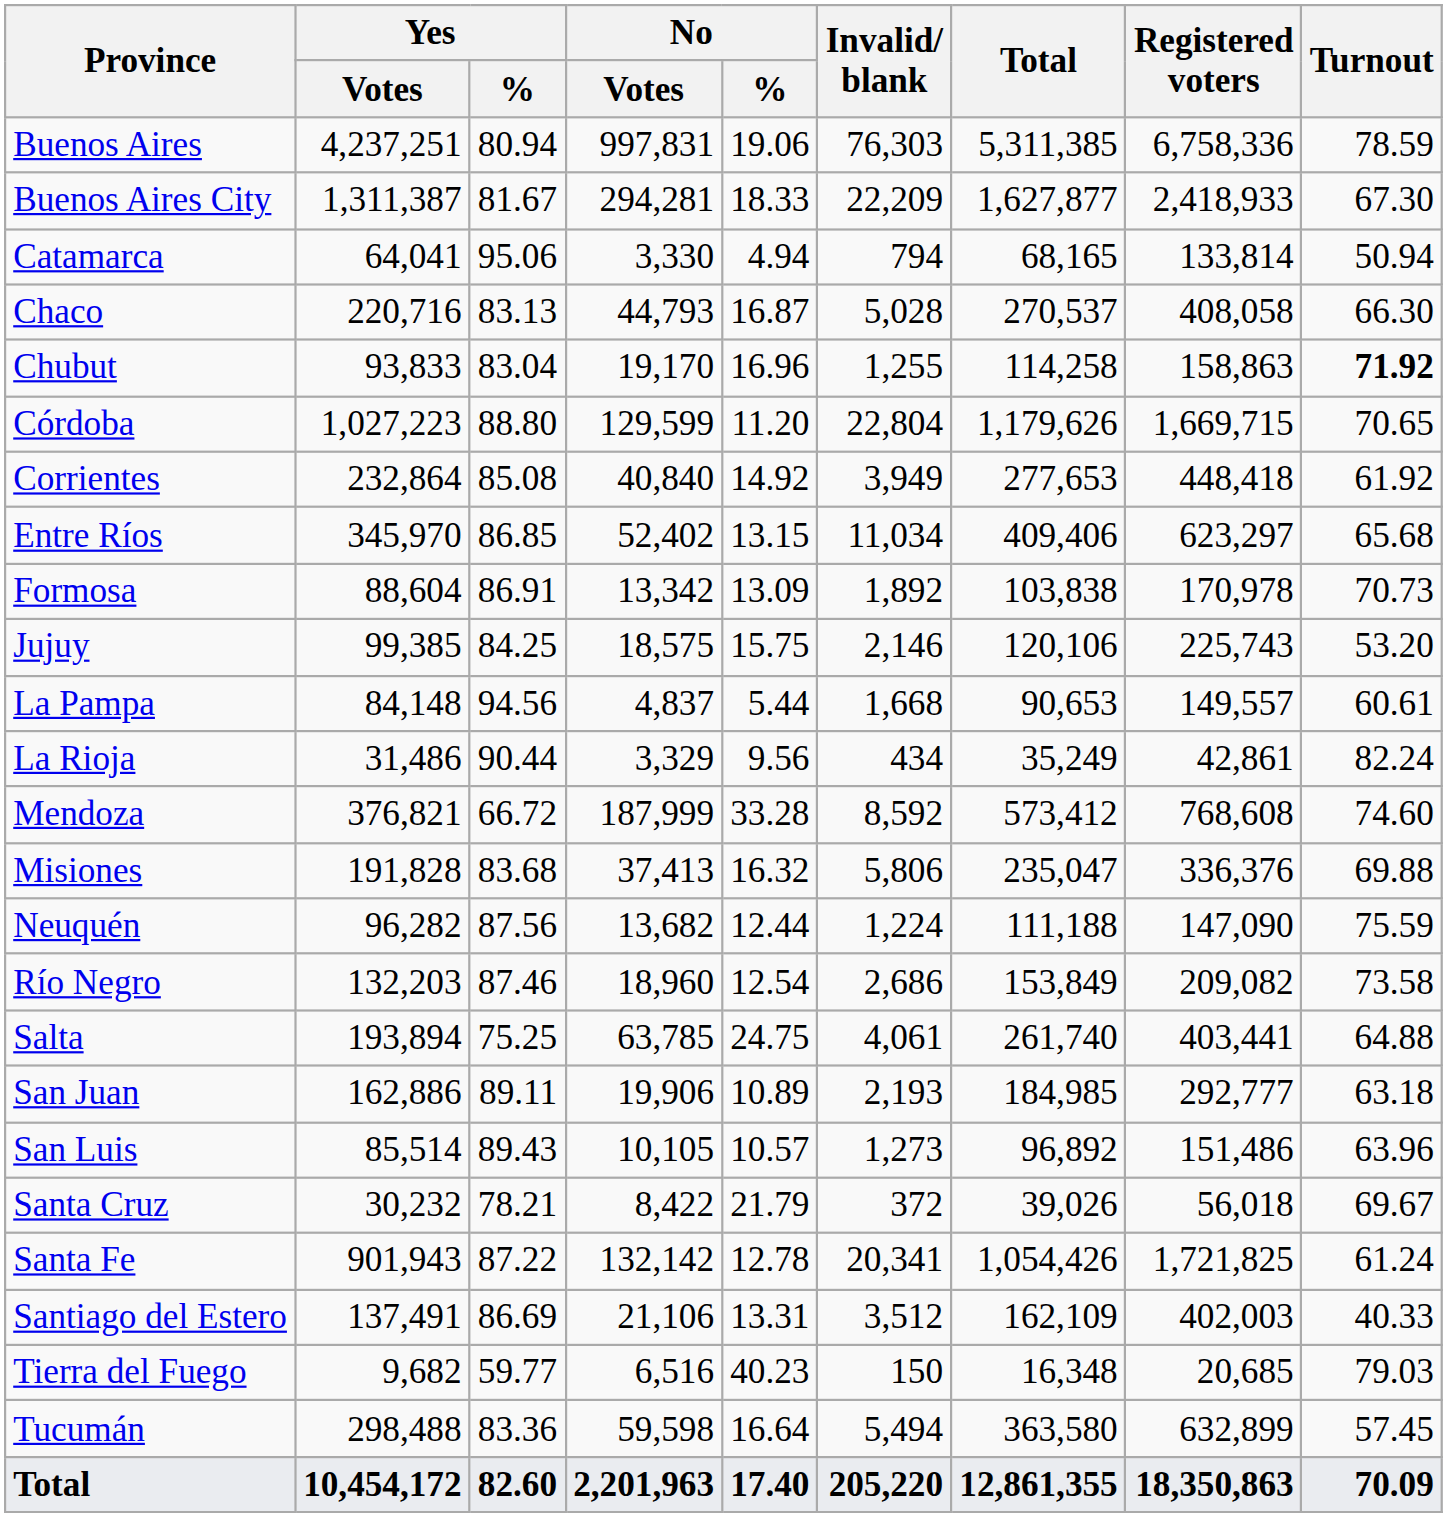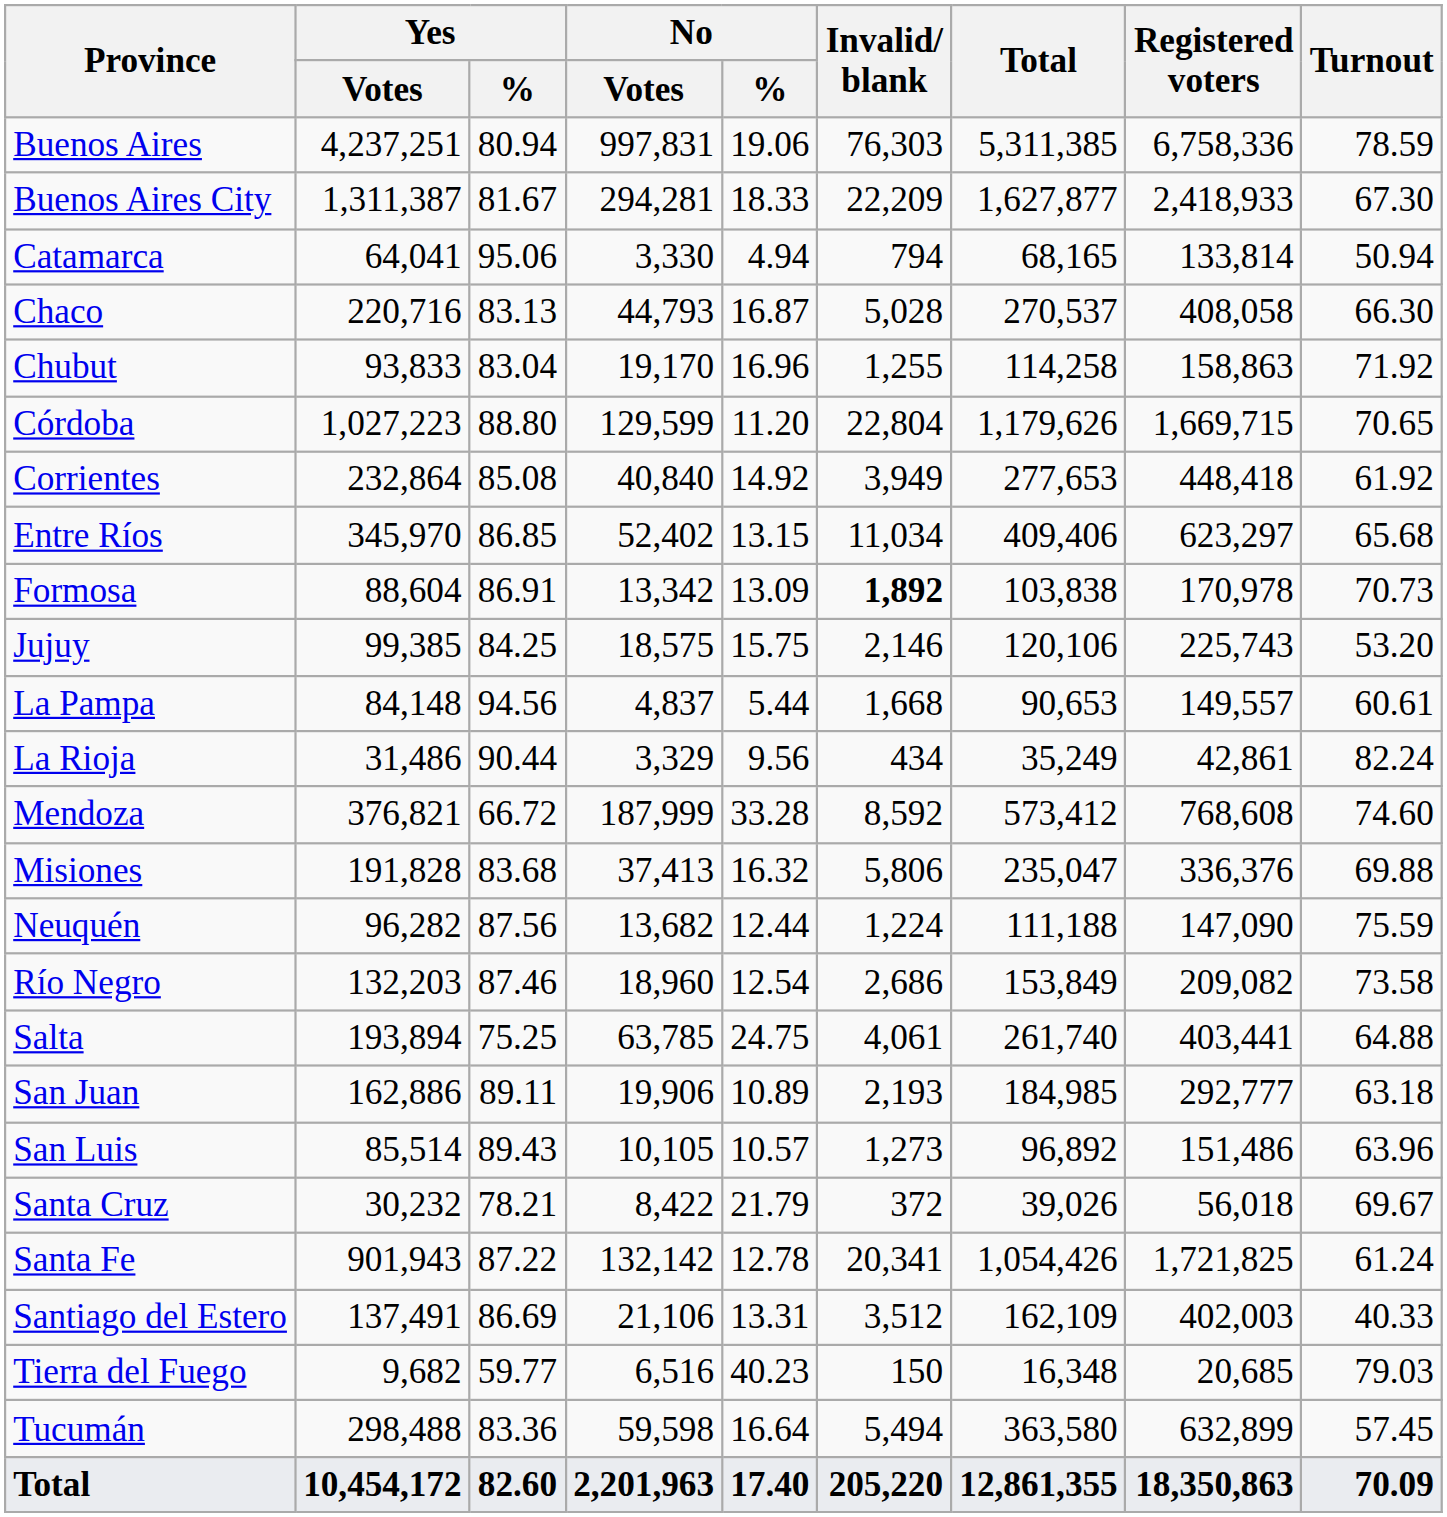 <table class="wikitable sortable" style=text-align:right>
 <tr>
 <th rowspan=2>Province</th>
 <th colspan=2>Yes</th>
 <th colspan=2>No</th>
 <th rowspan=2>Invalid/<br>blank</th>
 <th rowspan=2>Total</th>
 <th rowspan=2>Registered<br>voters</th>
 <th rowspan=2>Turnout</th>
 </tr>
 <tr>
 <th>Votes</th>
 <th>%</th>
 <th>Votes</th>
 <th>%</th>
 </tr>
 <tr>
 <td align=left><a href='#'>Buenos Aires</a></td>
 <td>4,237,251</td>
 <td>80.94</td>
 <td>997,831</td>
 <td>19.06</td>
 <td>76,303</td>
 <td>5,311,385</td>
 <td>6,758,336</td>
 <td>78.59</td>
 </tr>
 <tr>
 <td align=left><a href='#'>Buenos Aires City</a></td>
 <td>1,311,387</td>
 <td>81.67</td>
 <td>294,281</td>
 <td>18.33</td>
 <td>22,209</td>
 <td>1,627,877</td>
 <td>2,418,933</td>
 <td>67.30</td>
 </tr>
 <tr>
 <td align=left><a href='#'>Catamarca</a></td>
 <td>64,041</td>
 <td>95.06</td>
 <td>3,330</td>
 <td>4.94</td>
 <td>794</td>
 <td>68,165</td>
 <td>133,814</td>
 <td>50.94</td>
 </tr>
 <tr>
 <td align=left><a href='#'>Chaco</a></td>
 <td>220,716</td>
 <td>83.13</td>
 <td>44,793</td>
 <td>16.87</td>
 <td>5,028</td>
 <td>270,537</td>
 <td>408,058</td>
 <td>66.30</td>
 </tr>
 <tr>
 <td align=left><a href='#'>Chubut</a></td>
 <td>93,833</td>
 <td>83.04</td>
 <td>19,170</td>
 <td>16.96</td>
 <td>1,255</td>
 <td>114,258</td>
 <td>158,863</td>
-<td><strong>71.92</strong></td>
+<td>71.92</td>
 </tr>
 <tr>
 <td align=left><a href='#'>Córdoba</a></td>
 <td>1,027,223</td>
 <td>88.80</td>
 <td>129,599</td>
 <td>11.20</td>
 <td>22,804</td>
 <td>1,179,626</td>
 <td>1,669,715</td>
 <td>70.65</td>
 </tr>
 <tr>
 <td align=left><a href='#'>Corrientes</a></td>
 <td>232,864</td>
 <td>85.08</td>
 <td>40,840</td>
 <td>14.92</td>
 <td>3,949</td>
 <td>277,653</td>
 <td>448,418</td>
 <td>61.92</td>
 </tr>
 <tr>
 <td align=left><a href='#'>Entre Ríos</a></td>
 <td>345,970</td>
 <td>86.85</td>
 <td>52,402</td>
 <td>13.15</td>
 <td>11,034</td>
 <td>409,406</td>
 <td>623,297</td>
 <td>65.68</td>
 </tr>
 <tr>
 <td align=left><a href='#'>Formosa</a></td>
 <td>88,604</td>
 <td>86.91</td>
 <td>13,342</td>
 <td>13.09</td>
-<td>1,892</td>
+<td><strong>1,892</strong></td>
 <td>103,838</td>
 <td>170,978</td>
 <td>70.73</td>
 </tr>
 <tr>
 <td align=left><a href='#'>Jujuy</a></td>
 <td>99,385</td>
 <td>84.25</td>
 <td>18,575</td>
 <td>15.75</td>
 <td>2,146</td>
 <td>120,106</td>
 <td>225,743</td>
 <td>53.20</td>
 </tr>
 <tr>
 <td align=left><a href='#'>La Pampa</a></td>
 <td>84,148</td>
 <td>94.56</td>
 <td>4,837</td>
 <td>5.44</td>
 <td>1,668</td>
 <td>90,653</td>
 <td>149,557</td>
 <td>60.61</td>
 </tr>
 <tr>
 <td align=left><a href='#'>La Rioja</a></td>
 <td>31,486</td>
 <td>90.44</td>
 <td>3,329</td>
 <td>9.56</td>
 <td>434</td>
 <td>35,249</td>
 <td>42,861</td>
 <td>82.24</td>
 </tr>
 <tr>
 <td align=left><a href='#'>Mendoza</a></td>
 <td>376,821</td>
 <td>66.72</td>
 <td>187,999</td>
 <td>33.28</td>
 <td>8,592</td>
 <td>573,412</td>
 <td>768,608</td>
 <td>74.60</td>
 </tr>
 <tr>
 <td align=left><a href='#'>Misiones</a></td>
 <td>191,828</td>
 <td>83.68</td>
 <td>37,413</td>
 <td>16.32</td>
 <td>5,806</td>
 <td>235,047</td>
 <td>336,376</td>
 <td>69.88</td>
 </tr>
 <tr>
 <td align=left><a href='#'>Neuquén</a></td>
 <td>96,282</td>
 <td>87.56</td>
 <td>13,682</td>
 <td>12.44</td>
 <td>1,224</td>
 <td>111,188</td>
 <td>147,090</td>
 <td>75.59</td>
 </tr>
 <tr>
 <td align=left><a href='#'>Río Negro</a></td>
 <td>132,203</td>
 <td>87.46</td>
 <td>18,960</td>
 <td>12.54</td>
 <td>2,686</td>
 <td>153,849</td>
 <td>209,082</td>
 <td>73.58</td>
 </tr>
 <tr>
 <td align=left><a href='#'>Salta</a></td>
 <td>193,894</td>
 <td>75.25</td>
 <td>63,785</td>
 <td>24.75</td>
 <td>4,061</td>
 <td>261,740</td>
 <td>403,441</td>
 <td>64.88</td>
 </tr>
 <tr>
 <td align=left><a href='#'>San Juan</a></td>
 <td>162,886</td>
 <td>89.11</td>
 <td>19,906</td>
 <td>10.89</td>
 <td>2,193</td>
 <td>184,985</td>
 <td>292,777</td>
 <td>63.18</td>
 </tr>
 <tr>
 <td align=left><a href='#'>San Luis</a></td>
 <td>85,514</td>
 <td>89.43</td>
 <td>10,105</td>
 <td>10.57</td>
 <td>1,273</td>
 <td>96,892</td>
 <td>151,486</td>
 <td>63.96</td>
 </tr>
 <tr>
 <td align=left><a href='#'>Santa Cruz</a></td>
 <td>30,232</td>
 <td>78.21</td>
 <td>8,422</td>
 <td>21.79</td>
 <td>372</td>
 <td>39,026</td>
 <td>56,018</td>
 <td>69.67</td>
 </tr>
 <tr>
 <td align=left><a href='#'>Santa Fe</a></td>
 <td>901,943</td>
 <td>87.22</td>
 <td>132,142</td>
 <td>12.78</td>
 <td>20,341</td>
 <td>1,054,426</td>
 <td>1,721,825</td>
 <td>61.24</td>
 </tr>
 <tr>
 <td align=left><a href='#'>Santiago del Estero</a></td>
 <td>137,491</td>
 <td>86.69</td>
 <td>21,106</td>
 <td>13.31</td>
 <td>3,512</td>
 <td>162,109</td>
 <td>402,003</td>
 <td>40.33</td>
 </tr>
 <tr>
 <td align=left><a href='#'>Tierra del Fuego</a></td>
 <td>9,682</td>
 <td>59.77</td>
 <td>6,516</td>
 <td>40.23</td>
 <td>150</td>
 <td>16,348</td>
 <td>20,685</td>
 <td>79.03</td>
 </tr>
 <tr>
 <td align=left><a href='#'>Tucumán</a></td>
 <td>298,488</td>
 <td>83.36</td>
 <td>59,598</td>
 <td>16.64</td>
 <td>5,494</td>
 <td>363,580</td>
 <td>632,899</td>
 <td>57.45</td>
 </tr>
 <tr class=sortbottom style="background:#EAECF0; font-weight:bold">
 <td align=left>Total</td>
 <td>10,454,172</td>
 <td>82.60</td>
 <td>2,201,963</td>
 <td>17.40</td>
 <td>205,220</td>
 <td>12,861,355</td>
 <td>18,350,863</td>
 <td>70.09</td>
 </tr>
 </table>
